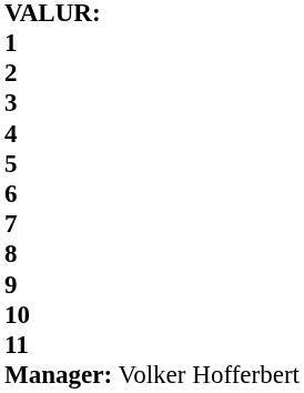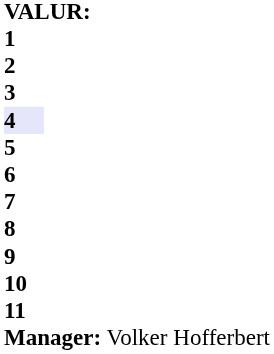 <table style="font-size: 90%" cellspacing="0" cellpadding="0">
 <tr>
 <td colspan="4"><strong>VALUR:</strong></td>
 </tr>
 <tr>
 <th width="25"></th>
 </tr>
 <tr>
 <td><strong>1</strong></td>
 <td></td>
 </tr>
 <tr>
 <td><strong>2</strong></td>
 <td></td>
 </tr>
 <tr>
 <td><strong>3</strong></td>
 <td></td>
 </tr>
 <tr>
-<td><strong>4</strong></td>
+<td style="background: lavender;"><strong>4</strong></td>
 <td></td>
 </tr>
 <tr>
 <td><strong>5</strong></td>
 <td></td>
 </tr>
 <tr>
 <td><strong>6</strong></td>
 <td></td>
 </tr>
 <tr>
 <td><strong>7</strong></td>
 <td></td>
 </tr>
 <tr>
 <td><strong>8</strong></td>
 <td></td>
 </tr>
 <tr>
 <td><strong>9</strong></td>
 <td></td>
 </tr>
 <tr>
 <td><strong>10</strong></td>
 <td></td>
 </tr>
 <tr>
 <td><strong>11</strong></td>
 <td></td>
 </tr>
 <tr>
 <td colspan=4><strong>Manager:</strong> Volker Hofferbert</td>
 </tr>
 <tr>
 <td colspan="4"></td>
 </tr>
 </table>
